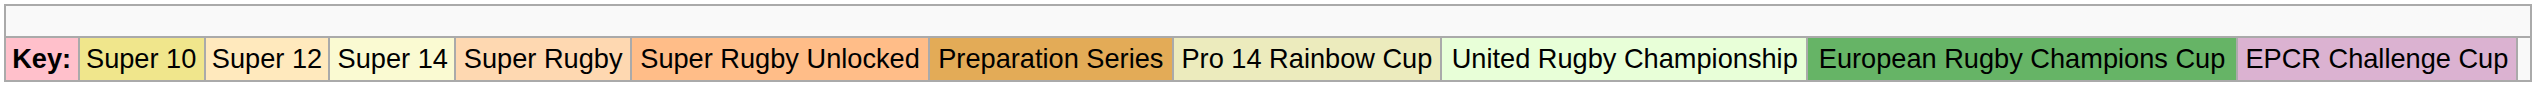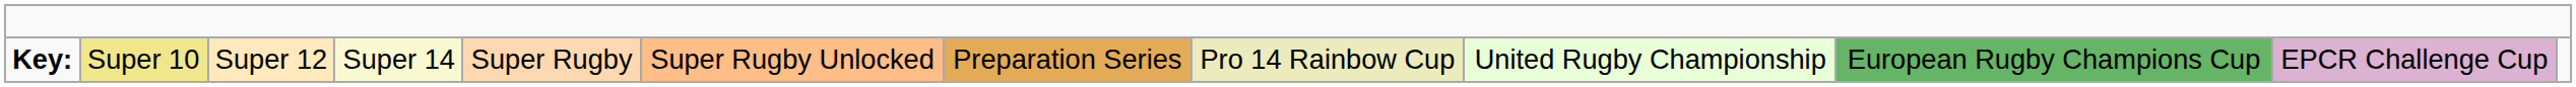 <table class="wikitable sortable" style="text-align:center; font-size:85%; width:100%">
 <tr>
 <td colspan=100% style="height:10px"></td>
 </tr>
 <tr>
-<td style="background: pink;"><strong>Key:</strong></td>
+<td><strong>Key:</strong></td>
 <td style="background:#F0E68C;" colspan=2>Super 10</td>
 <td style="background:#FFE9BD;" colspan=2>Super 12</td>
 <td style="background:#FAFAD2;" colspan=2>Super 14</td>
 <td style="background:#FED8B1;" colspan=2>Super Rugby</td>
 <td style="background:#FFBD88;" colspan=2>Super Rugby Unlocked</td>
 <td style="background:#E3AB57;" colspan=2>Preparation Series</td>
 <td style="background:#ECEBBD;" colspan=2>Pro 14 Rainbow Cup</td>
 <td style="background:#E8FFD8;" colspan=2>United Rugby Championship</td>
 <td style="background:#66b466;" colspan=2>European Rugby Champions Cup</td>
 <td style="background:#DBB2D1;" colspan=2>EPCR Challenge Cup</td>
 <td colspan=100% style="height:10px"></td>
 </tr>
 </table>
